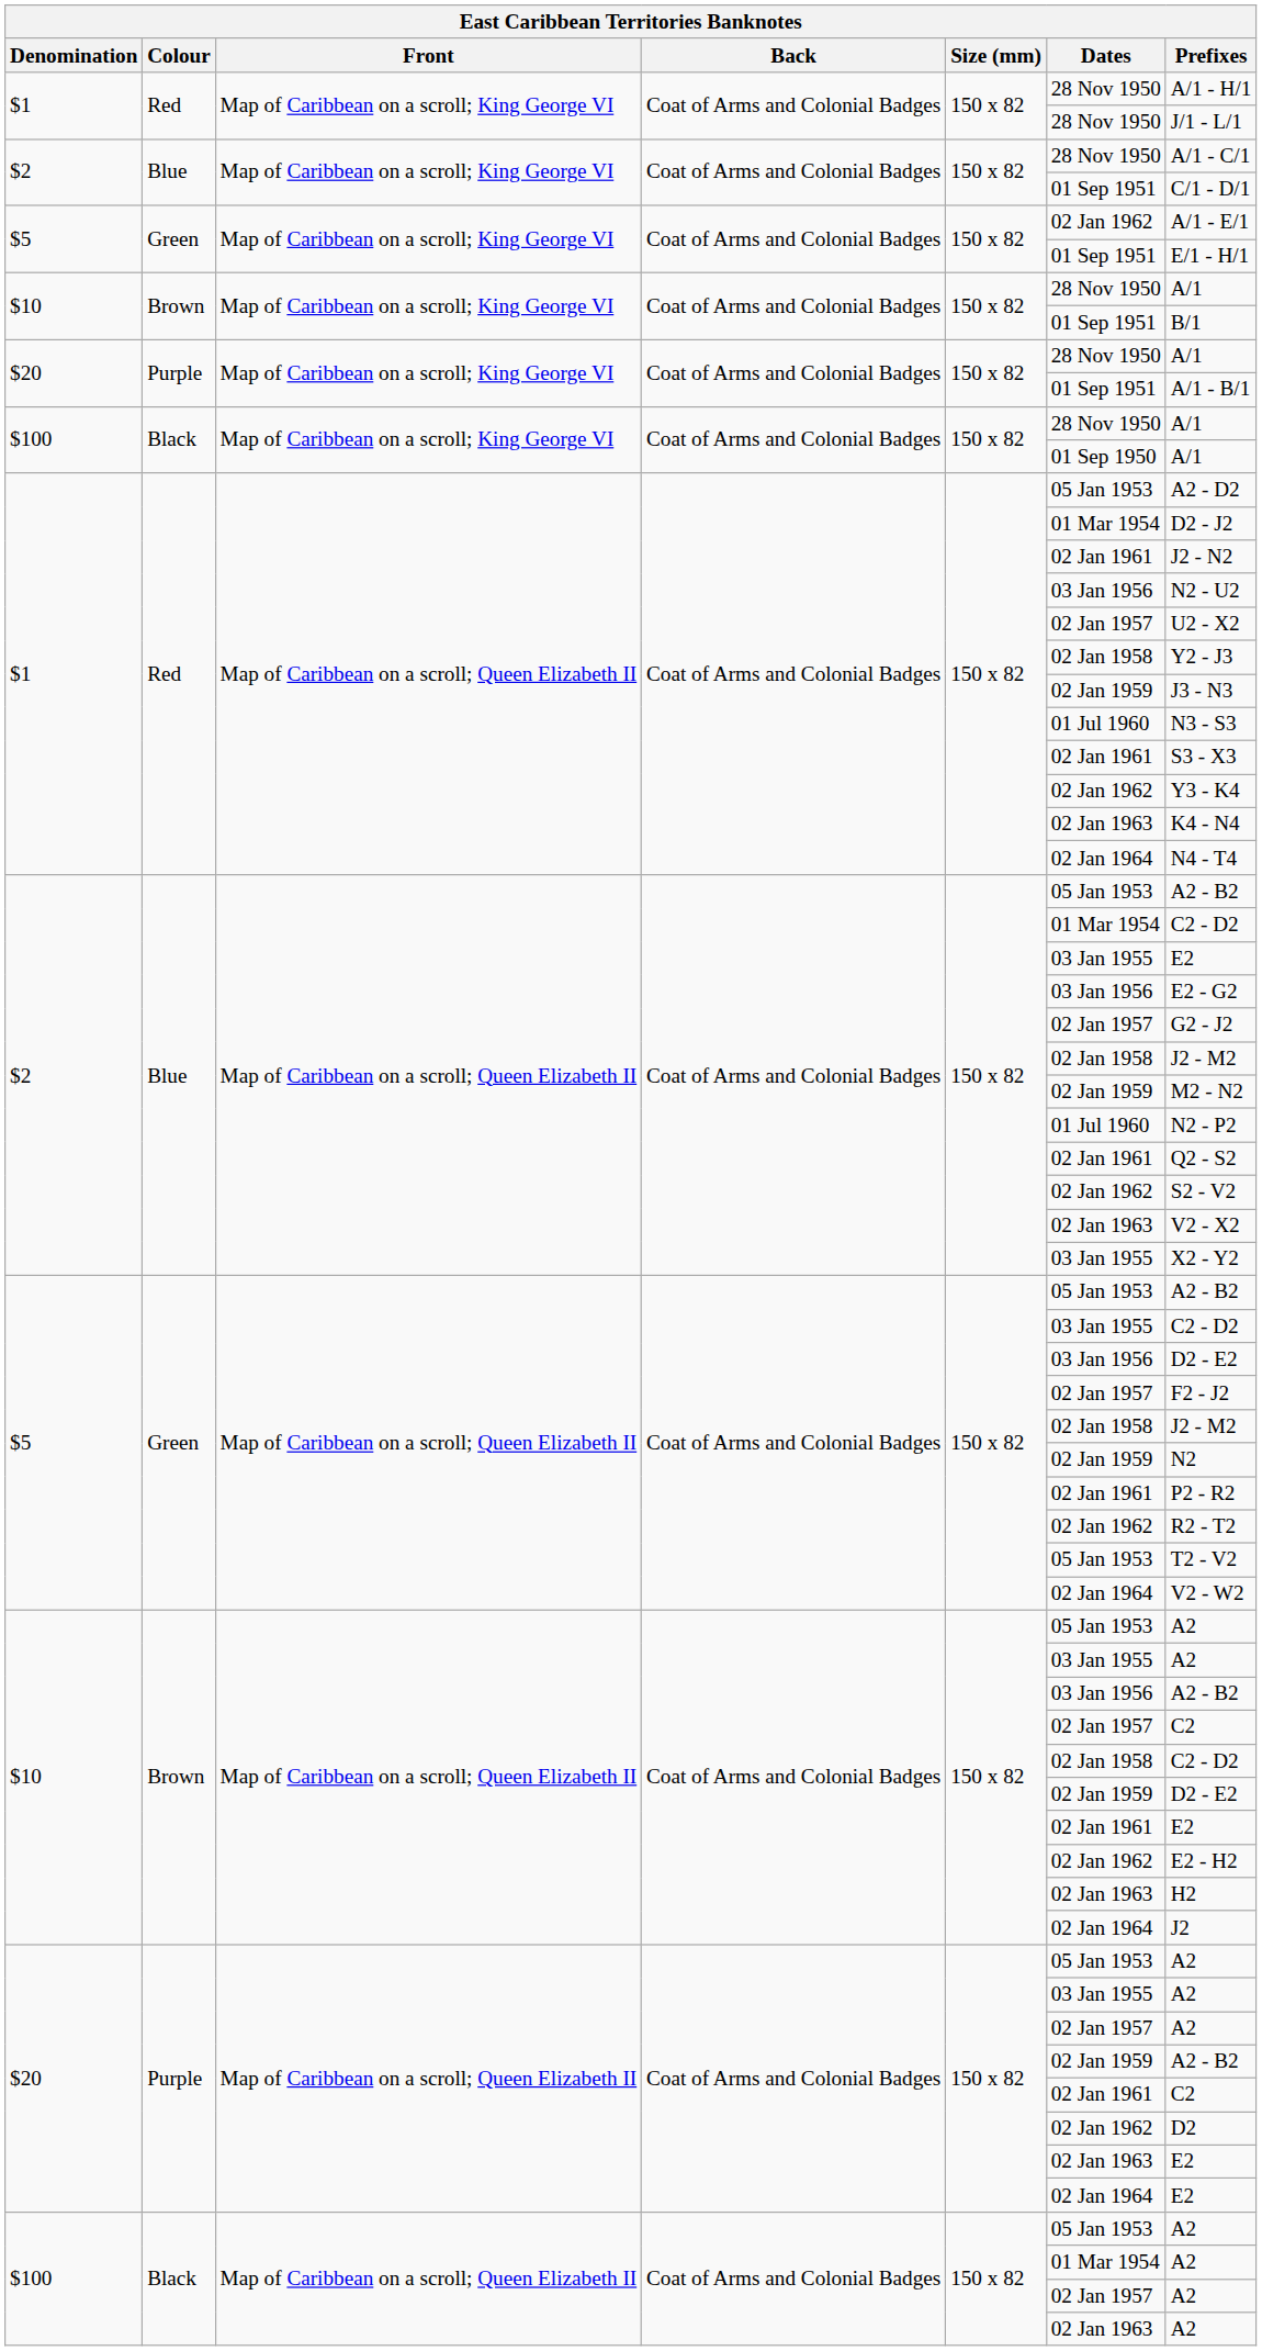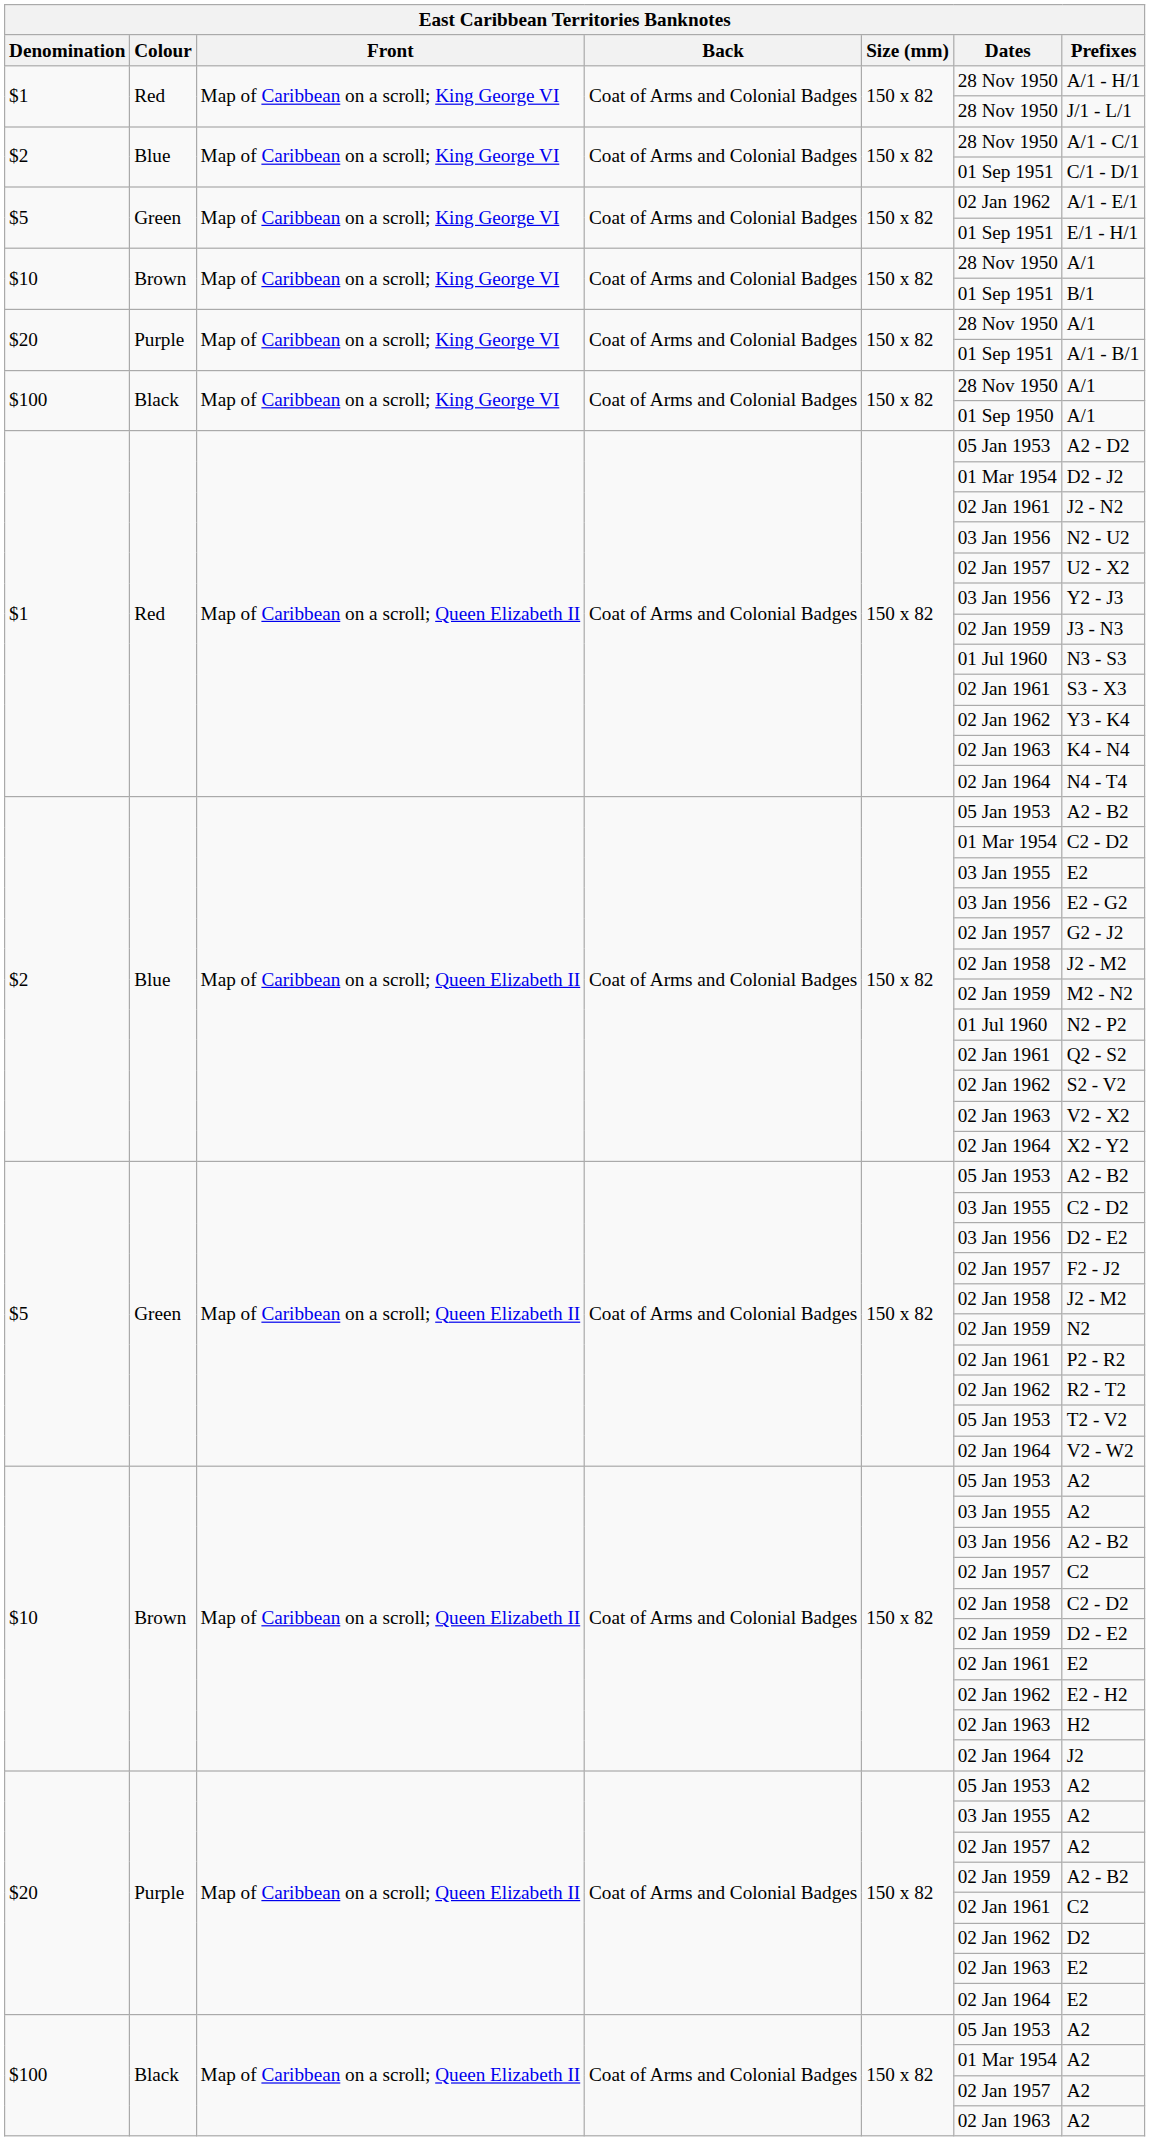 <table class="wikitable">
 <tr>
 <th colspan="7">East Caribbean Territories Banknotes</th>
 </tr>
 <tr>
 <th>Denomination</th>
 <th>Colour</th>
 <th>Front</th>
 <th>Back</th>
 <th>Size (mm)</th>
 <th>Dates</th>
 <th>Prefixes</th>
 </tr>
 <tr>
 <td rowspan="2">$1</td>
 <td rowspan="2">Red</td>
 <td rowspan="2">Map of <a href='#'>Caribbean</a> on a scroll; <a href='#'>King George VI</a></td>
 <td rowspan="2">Coat of Arms and Colonial Badges</td>
 <td rowspan="2">150 x 82</td>
 <td>28 Nov 1950</td>
 <td>A/1 - H/1</td>
 </tr>
 <tr>
 <td>28 Nov 1950</td>
 <td>J/1 - L/1</td>
 </tr>
 <tr>
 <td rowspan="2">$2</td>
 <td rowspan="2">Blue</td>
 <td rowspan="2">Map of <a href='#'>Caribbean</a> on a scroll; <a href='#'>King George VI</a></td>
 <td rowspan="2">Coat of Arms and Colonial Badges</td>
 <td rowspan="2">150 x 82</td>
 <td>28 Nov 1950</td>
 <td>A/1 - C/1</td>
 </tr>
 <tr>
 <td>01 Sep 1951</td>
 <td>C/1 - D/1</td>
 </tr>
 <tr>
 <td rowspan="2">$5</td>
 <td rowspan="2">Green</td>
 <td rowspan="2">Map of <a href='#'>Caribbean</a> on a scroll; <a href='#'>King George VI</a></td>
 <td rowspan="2">Coat of Arms and Colonial Badges</td>
 <td rowspan="2">150 x 82</td>
 <td>02 Jan 1962</td>
 <td>A/1 - E/1</td>
 </tr>
 <tr>
 <td>01 Sep 1951</td>
 <td>E/1 - H/1</td>
 </tr>
 <tr>
 <td rowspan="2">$10</td>
 <td rowspan="2">Brown</td>
 <td rowspan="2">Map of <a href='#'>Caribbean</a> on a scroll; <a href='#'>King George VI</a></td>
 <td rowspan="2">Coat of Arms and Colonial Badges</td>
 <td rowspan="2">150 x 82</td>
 <td>28 Nov 1950</td>
 <td>A/1</td>
 </tr>
 <tr>
 <td>01 Sep 1951</td>
 <td>B/1</td>
 </tr>
 <tr>
 <td rowspan="2">$20</td>
 <td rowspan="2">Purple</td>
 <td rowspan="2">Map of <a href='#'>Caribbean</a> on a scroll; <a href='#'>King George VI</a></td>
 <td rowspan="2">Coat of Arms and Colonial Badges</td>
 <td rowspan="2">150 x 82</td>
 <td>28 Nov 1950</td>
 <td>A/1</td>
 </tr>
 <tr>
 <td>01 Sep 1951</td>
 <td>A/1 - B/1</td>
 </tr>
 <tr>
 <td rowspan="2">$100</td>
 <td rowspan="2">Black</td>
 <td rowspan="2">Map of <a href='#'>Caribbean</a> on a scroll; <a href='#'>King George VI</a></td>
 <td rowspan="2">Coat of Arms and Colonial Badges</td>
 <td rowspan="2">150 x 82</td>
 <td>28 Nov 1950</td>
 <td>A/1</td>
 </tr>
 <tr>
 <td>01 Sep 1950</td>
 <td>A/1</td>
 </tr>
 <tr>
 <td rowspan="12">$1</td>
 <td rowspan="12">Red</td>
 <td rowspan="12">Map of <a href='#'>Caribbean</a> on a scroll; <a href='#'>Queen Elizabeth II</a></td>
 <td rowspan="12">Coat of Arms and Colonial Badges</td>
 <td rowspan="12">150 x 82</td>
 <td>05 Jan 1953</td>
 <td>A2 - D2</td>
 </tr>
 <tr>
 <td>01 Mar 1954</td>
 <td>D2 - J2</td>
 </tr>
 <tr>
 <td>02 Jan 1961</td>
 <td>J2 - N2</td>
 </tr>
 <tr>
 <td>03 Jan 1956</td>
 <td>N2 - U2</td>
 </tr>
 <tr>
 <td>02 Jan 1957</td>
 <td>U2 - X2</td>
 </tr>
 <tr>
-<td>02 Jan 1958</td>
+<td>03 Jan 1956</td>
 <td>Y2 - J3</td>
 </tr>
 <tr>
 <td>02 Jan 1959</td>
 <td>J3 - N3</td>
 </tr>
 <tr>
 <td>01 Jul 1960</td>
 <td>N3 - S3</td>
 </tr>
 <tr>
 <td>02 Jan 1961</td>
 <td>S3 - X3</td>
 </tr>
 <tr>
 <td>02 Jan 1962</td>
 <td>Y3 - K4</td>
 </tr>
 <tr>
 <td>02 Jan 1963</td>
 <td>K4 - N4</td>
 </tr>
 <tr>
 <td>02 Jan 1964</td>
 <td>N4 - T4</td>
 </tr>
 <tr>
 <td rowspan="12">$2</td>
 <td rowspan="12">Blue</td>
 <td rowspan="12">Map of <a href='#'>Caribbean</a> on a scroll; <a href='#'>Queen Elizabeth II</a></td>
 <td rowspan="12">Coat of Arms and Colonial Badges</td>
 <td rowspan="12">150 x 82</td>
 <td>05 Jan 1953</td>
 <td>A2 - B2</td>
 </tr>
 <tr>
 <td>01 Mar 1954</td>
 <td>C2 - D2</td>
 </tr>
 <tr>
 <td>03 Jan 1955</td>
 <td>E2</td>
 </tr>
 <tr>
 <td>03 Jan 1956</td>
 <td>E2 - G2</td>
 </tr>
 <tr>
 <td>02 Jan 1957</td>
 <td>G2 - J2</td>
 </tr>
 <tr>
 <td>02 Jan 1958</td>
 <td>J2 - M2</td>
 </tr>
 <tr>
 <td>02 Jan 1959</td>
 <td>M2 - N2</td>
 </tr>
 <tr>
 <td>01 Jul 1960</td>
 <td>N2 - P2</td>
 </tr>
 <tr>
 <td>02 Jan 1961</td>
 <td>Q2 - S2</td>
 </tr>
 <tr>
 <td>02 Jan 1962</td>
 <td>S2 - V2</td>
 </tr>
 <tr>
 <td>02 Jan 1963</td>
 <td>V2 - X2</td>
 </tr>
 <tr>
-<td>03 Jan 1955</td>
+<td>02 Jan 1964</td>
 <td>X2 - Y2</td>
 </tr>
 <tr>
 <td rowspan="10">$5</td>
 <td rowspan="10">Green</td>
 <td rowspan="10">Map of <a href='#'>Caribbean</a> on a scroll; <a href='#'>Queen Elizabeth II</a></td>
 <td rowspan="10">Coat of Arms and Colonial Badges</td>
 <td rowspan="10">150 x 82</td>
 <td>05 Jan 1953</td>
 <td>A2 - B2</td>
 </tr>
 <tr>
 <td>03 Jan 1955</td>
 <td>C2 - D2</td>
 </tr>
 <tr>
 <td>03 Jan 1956</td>
 <td>D2 - E2</td>
 </tr>
 <tr>
 <td>02 Jan 1957</td>
 <td>F2 - J2</td>
 </tr>
 <tr>
 <td>02 Jan 1958</td>
 <td>J2 - M2</td>
 </tr>
 <tr>
 <td>02 Jan 1959</td>
 <td>N2</td>
 </tr>
 <tr>
 <td>02 Jan 1961</td>
 <td>P2 - R2</td>
 </tr>
 <tr>
 <td>02 Jan 1962</td>
 <td>R2 - T2</td>
 </tr>
 <tr>
 <td>05 Jan 1953</td>
 <td>T2 - V2</td>
 </tr>
 <tr>
 <td>02 Jan 1964</td>
 <td>V2 - W2</td>
 </tr>
 <tr>
 <td rowspan="10">$10</td>
 <td rowspan="10">Brown</td>
 <td rowspan="10">Map of <a href='#'>Caribbean</a> on a scroll; <a href='#'>Queen Elizabeth II</a></td>
 <td rowspan="10">Coat of Arms and Colonial Badges</td>
 <td rowspan="10">150 x 82</td>
 <td>05 Jan 1953</td>
 <td>A2</td>
 </tr>
 <tr>
 <td>03 Jan 1955</td>
 <td>A2</td>
 </tr>
 <tr>
 <td>03 Jan 1956</td>
 <td>A2 - B2</td>
 </tr>
 <tr>
 <td>02 Jan 1957</td>
 <td>C2</td>
 </tr>
 <tr>
 <td>02 Jan 1958</td>
 <td>C2 - D2</td>
 </tr>
 <tr>
 <td>02 Jan 1959</td>
 <td>D2 - E2</td>
 </tr>
 <tr>
 <td>02 Jan 1961</td>
 <td>E2</td>
 </tr>
 <tr>
 <td>02 Jan 1962</td>
 <td>E2 - H2</td>
 </tr>
 <tr>
 <td>02 Jan 1963</td>
 <td>H2</td>
 </tr>
 <tr>
 <td>02 Jan 1964</td>
 <td>J2</td>
 </tr>
 <tr>
 <td rowspan="8">$20</td>
 <td rowspan="8">Purple</td>
 <td rowspan="8">Map of <a href='#'>Caribbean</a> on a scroll; <a href='#'>Queen Elizabeth II</a></td>
 <td rowspan="8">Coat of Arms and Colonial Badges</td>
 <td rowspan="8">150 x 82</td>
 <td>05 Jan 1953</td>
 <td>A2</td>
 </tr>
 <tr>
 <td>03 Jan 1955</td>
 <td>A2</td>
 </tr>
 <tr>
 <td>02 Jan 1957</td>
 <td>A2</td>
 </tr>
 <tr>
 <td>02 Jan 1959</td>
 <td>A2 - B2</td>
 </tr>
 <tr>
 <td>02 Jan 1961</td>
 <td>C2</td>
 </tr>
 <tr>
 <td>02 Jan 1962</td>
 <td>D2</td>
 </tr>
 <tr>
 <td>02 Jan 1963</td>
 <td>E2</td>
 </tr>
 <tr>
 <td>02 Jan 1964</td>
 <td>E2</td>
 </tr>
 <tr>
 <td rowspan="4">$100</td>
 <td rowspan="4">Black</td>
 <td rowspan="4">Map of <a href='#'>Caribbean</a> on a scroll; <a href='#'>Queen Elizabeth II</a></td>
 <td rowspan="4">Coat of Arms and Colonial Badges</td>
 <td rowspan="4">150 x 82</td>
 <td>05 Jan 1953</td>
 <td>A2</td>
 </tr>
 <tr>
 <td>01 Mar 1954</td>
 <td>A2</td>
 </tr>
 <tr>
 <td>02 Jan 1957</td>
 <td>A2</td>
 </tr>
 <tr>
 <td>02 Jan 1963</td>
 <td>A2</td>
 </tr>
 </table>
